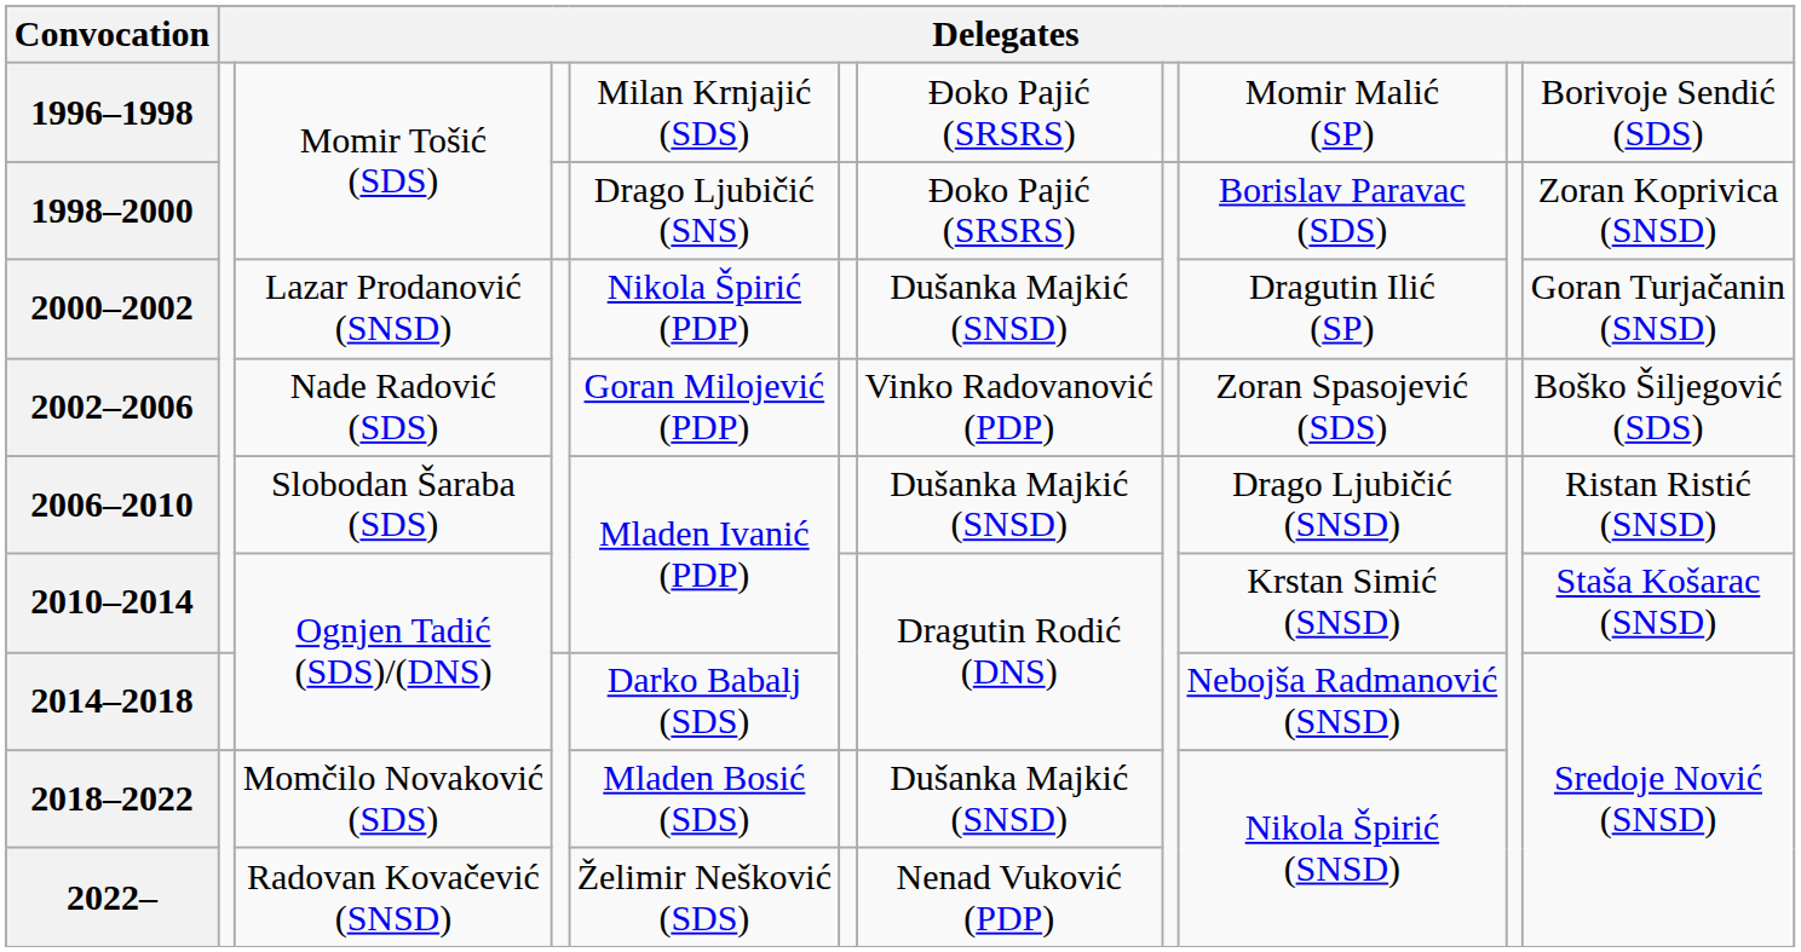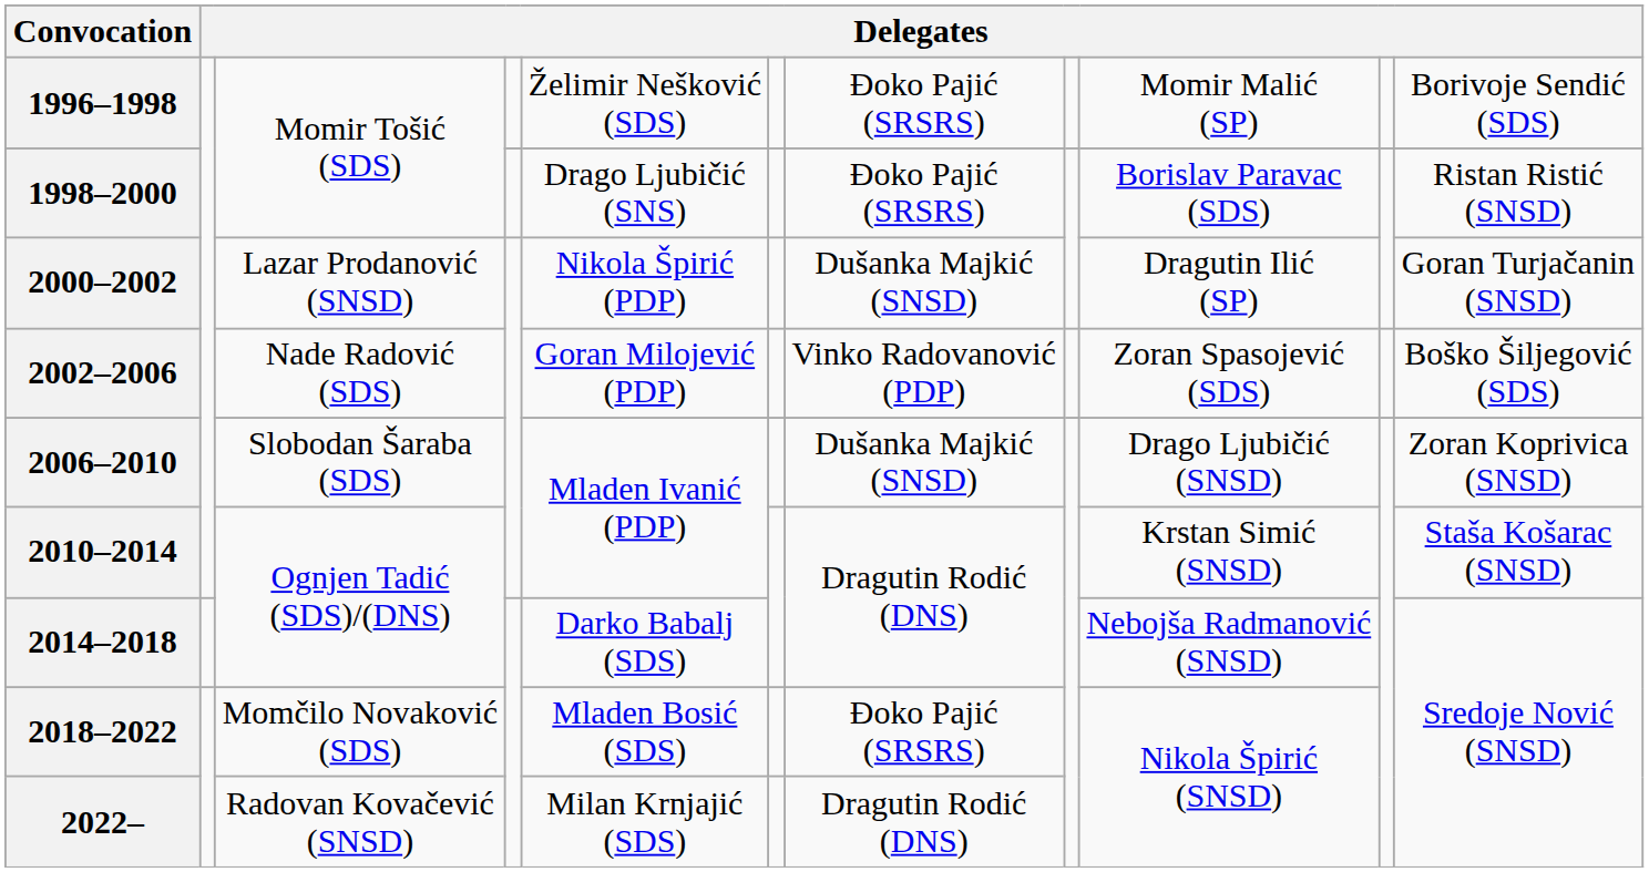 <table class="wikitable" style="text-align:center">
 <tr>
 <th>Convocation</th>
 <th colspan=10>Delegates</th>
 </tr>
 <tr>
 <th>1996–1998</th>
 <td rowspan=6; style="background-color: "></td>
 <td rowspan=2>Momir Tošić<br>(<a href='#'>SDS</a>)</td>
 <td style="background-color: "></td>
-<td>Milan Krnjajić<br>(<a href='#'>SDS</a>)</td>
+<td>Želimir Nešković<br>(<a href='#'>SDS</a>)</td>
 <td style="background-color: "></td>
 <td>Đoko Pajić<br>(<a href='#'>SRSRS</a>)</td>
 <td style="background-color: "></td>
 <td>Momir Malić<br>(<a href='#'>SP</a>)</td>
 <td style="background-color: "></td>
 <td>Borivoje Sendić<br>(<a href='#'>SDS</a>)</td>
 </tr>
 <tr>
 <th>1998–2000</th>
 <td style="background-color: "></td>
 <td>Drago Ljubičić<br>(<a href='#'>SNS</a>)</td>
 <td style="background-color: "></td>
 <td>Đoko Pajić<br>(<a href='#'>SRSRS</a>)</td>
 <td rowspan=2; style="background-color: "></td>
 <td><a href='#'>Borislav Paravac</a><br>(<a href='#'>SDS</a>)</td>
 <td rowspan=2; style="background-color: "></td>
-<td>Zoran Koprivica<br>(<a href='#'>SNSD</a>)</td>
+<td>Ristan Ristić<br>(<a href='#'>SNSD</a>)</td>
 </tr>
 <tr>
 <th>2000–2002</th>
 <td>Lazar Prodanović<br>(<a href='#'>SNSD</a>)</td>
 <td rowspan=4; style="background-color: "></td>
 <td><a href='#'>Nikola Špirić</a><br>(<a href='#'>PDP</a>)</td>
 <td style="background-color: "></td>
 <td>Dušanka Majkić<br>(<a href='#'>SNSD</a>)</td>
 <td>Dragutin Ilić<br>(<a href='#'>SP</a>)</td>
 <td>Goran Turjačanin<br>(<a href='#'>SNSD</a>)</td>
 </tr>
 <tr>
 <th>2002–2006</th>
 <td>Nade Radović<br>(<a href='#'>SDS</a>)</td>
 <td><a href='#'>Goran Milojević</a><br>(<a href='#'>PDP</a>)</td>
 <td rowspan=1; style="background-color: "></td>
 <td>Vinko Radovanović<br>(<a href='#'>PDP</a>)</td>
 <td style="background-color: "></td>
 <td>Zoran Spasojević<br>(<a href='#'>SDS</a>)</td>
 <td style="background-color: "></td>
 <td>Boško Šiljegović<br>(<a href='#'>SDS</a>)</td>
 </tr>
 <tr>
 <th>2006–2010</th>
 <td>Slobodan Šaraba<br>(<a href='#'>SDS</a>)</td>
 <td rowspan=2><a href='#'>Mladen Ivanić</a><br>(<a href='#'>PDP</a>)</td>
 <td rowspan=1; style="background-color: "></td>
 <td>Dušanka Majkić<br>(<a href='#'>SNSD</a>)</td>
 <td rowspan=5; style="background-color: "></td>
 <td>Drago Ljubičić<br>(<a href='#'>SNSD</a>)</td>
 <td rowspan=5; style="background-color: "></td>
-<td>Ristan Ristić<br>(<a href='#'>SNSD</a>)</td>
+<td>Zoran Koprivica<br>(<a href='#'>SNSD</a>)</td>
 </tr>
 <tr>
 <th>2010–2014</th>
 <td rowspan=2><a href='#'>Ognjen Tadić</a><br>(<a href='#'>SDS</a>)/(<a href='#'>DNS</a>)</td>
 <td rowspan=2; style="background-color: "></td>
 <td rowspan=2>Dragutin Rodić<br>(<a href='#'>DNS</a>)</td>
 <td>Krstan Simić<br>(<a href='#'>SNSD</a>)</td>
 <td><a href='#'>Staša Košarac</a><br>(<a href='#'>SNSD</a>)</td>
 </tr>
 <tr>
 <th>2014–2018</th>
 <td rowspan=1; style="background-color: "></td>
 <td rowspan=3; style="background-color: "></td>
 <td><a href='#'>Darko Babalj</a><br>(<a href='#'>SDS</a>)</td>
 <td><a href='#'>Nebojša Radmanović</a><br>(<a href='#'>SNSD</a>)</td>
 <td rowspan=3><a href='#'>Sredoje Nović</a><br>(<a href='#'>SNSD</a>)</td>
 </tr>
 <tr>
 <th>2018–2022</th>
 <td rowspan=2; style="background-color: "></td>
 <td>Momčilo Novaković<br>(<a href='#'>SDS</a>)</td>
 <td><a href='#'>Mladen Bosić</a><br>(<a href='#'>SDS</a>)</td>
 <td rowspan=1; style="background-color: "></td>
-<td>Dušanka Majkić<br>(<a href='#'>SNSD</a>)</td>
+<td>Đoko Pajić<br>(<a href='#'>SRSRS</a>)</td>
 <td rowspan=2><a href='#'>Nikola Špirić</a><br>(<a href='#'>SNSD</a>)</td>
 </tr>
 <tr>
 <th>2022–</th>
 <td>Radovan Kovačević<br>(<a href='#'>SNSD</a>)</td>
-<td>Želimir Nešković<br>(<a href='#'>SDS</a>)</td>
+<td>Milan Krnjajić<br>(<a href='#'>SDS</a>)</td>
 <td rowspan=1; style="background-color: "></td>
-<td>Nenad Vuković<br>(<a href='#'>PDP</a>)</td>
+<td>Dragutin Rodić<br>(<a href='#'>DNS</a>)</td>
 </tr>
 </table>
